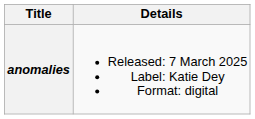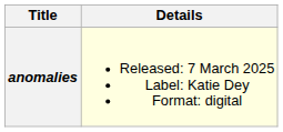 <table class="wikitable plainrowheaders" style="text-align:center;" border="1">
 <tr>
 <th>Title</th>
 <th>Details</th>
 </tr>
 <tr>
 <th scope="row"><em>anomalies</em></th>
-<td><br><ul><li>Released: 7 March 2025</li><li>Label: Katie Dey</li><li>Format: digital</li></ul></td>
+<td style="background: lightyellow;"><br><ul><li>Released: 7 March 2025</li><li>Label: Katie Dey</li><li>Format: digital</li></ul></td>
 </tr>
 </table>
